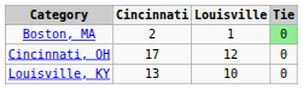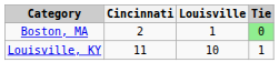 <table class="wikitable">
 <tr>
 <th style="background:#CCCCCC; text-align:center"><strong>Category</strong></th>
 <th><strong>Cincinnati</strong></th>
 <th><strong>Louisville</strong></th>
 <th style="background:#CCCCCC; text-align:center">Tie</th>
 </tr>
 <tr>
 <td align=center><a href='#'>Boston, MA</a></td>
 <td align=center>2</td>
 <td align=center>1</td>
 <td align=center style="background: lightgreen;">0</td>
 </tr>
 <tr>
-<td align=center><a href='#'>Cincinnati, OH</a></td>
-<td align=center>17</td>
-<td align=center>12</td>
-<td align=center>0</td>
-</tr>
-<tr>
 <td align=center><a href='#'>Louisville, KY</a></td>
-<td align=center>13</td>
+<td align=center>11</td>
 <td align=center>10</td>
-<td align=center>0</td>
+<td align=center>1</td>
 </tr>
 </table>
